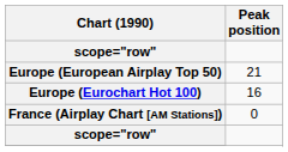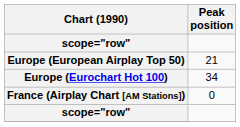 <table class="wikitable sortable plainrowheaders">
 <tr>
 <th>Chart (1990)</th>
 <th>Peak<br>position</th>
 </tr>
 <tr>
 <th>scope="row"</th>
 </tr>
 <tr>
 <th scope="row">Europe (European Airplay Top 50)</th>
 <td align="center">21</td>
 </tr>
 <tr>
 <th scope="row">Europe (<a href='#'>Eurochart Hot 100</a>)</th>
-<td align="center">16</td>
+<td align="center">34</td>
 </tr>
 <tr>
 <th scope="row">France (Airplay Chart <small>[AM Stations]</small>)</th>
 <td align="center">0</td>
 </tr>
 <tr>
 <th>scope="row"</th>
 </tr>
 <tr>
 </tr>
 </table>
